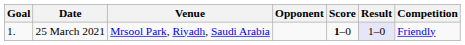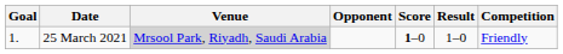 <table class="wikitable plainrowheaders sortable">
 <tr>
 <th>Goal</th>
 <th>Date</th>
 <th>Venue</th>
 <th>Opponent</th>
 <th>Score</th>
 <th>Result</th>
 <th>Competition</th>
 </tr>
 <tr>
 <td>1.</td>
 <td>25 March 2021</td>
-<td><a href='#'>Mrsool Park</a>, <a href='#'>Riyadh</a>, <a href='#'>Saudi Arabia</a></td>
+<td style="background: lightgrey;"><a href='#'>Mrsool Park</a>, <a href='#'>Riyadh</a>, <a href='#'>Saudi Arabia</a></td>
 <td></td>
 <td align=center><strong>1</strong>–0</td>
-<td align=center style="background: lavender;">1–0</td>
+<td align=center>1–0</td>
 <td rowspan=2><a href='#'>Friendly</a></td>
 </tr>
 </table>
